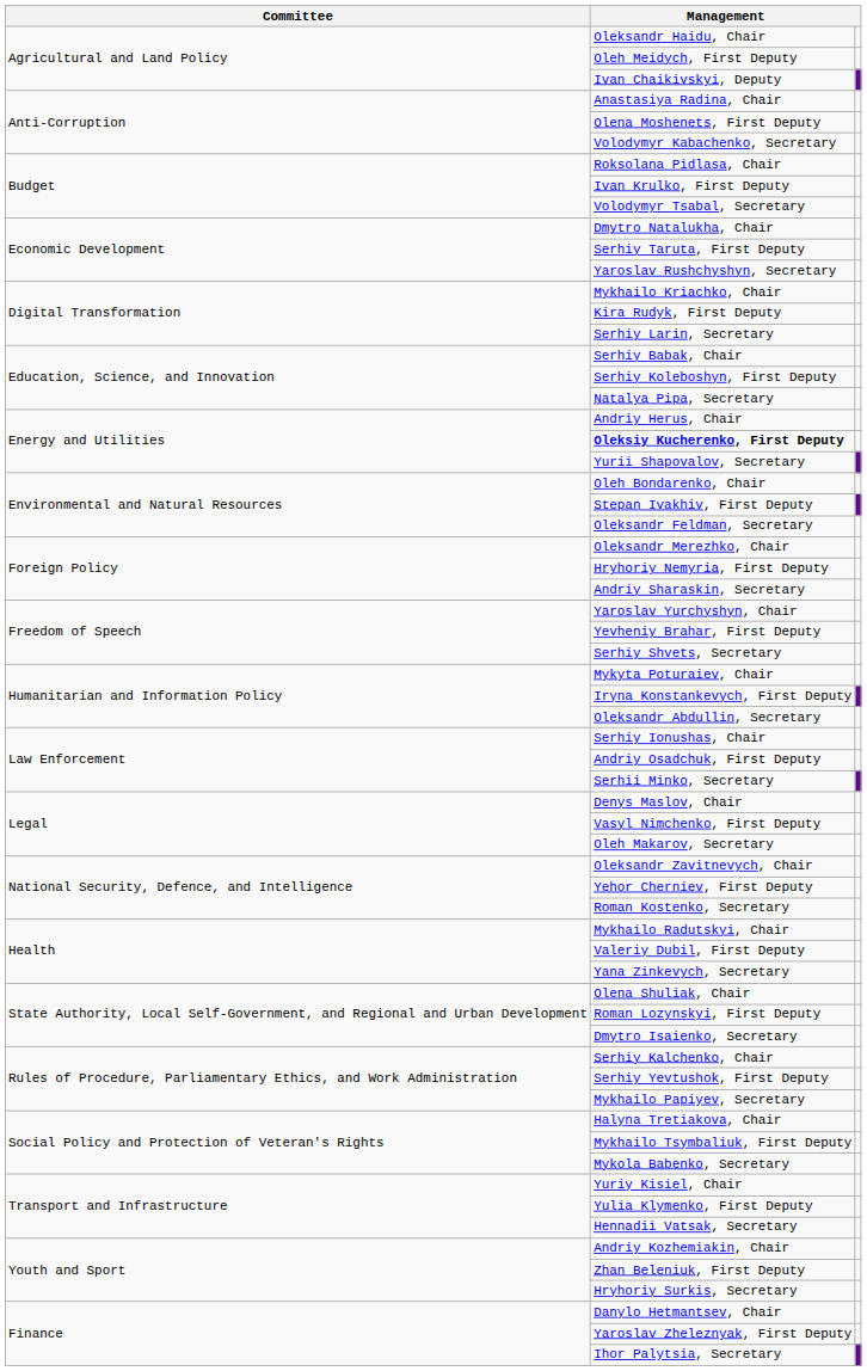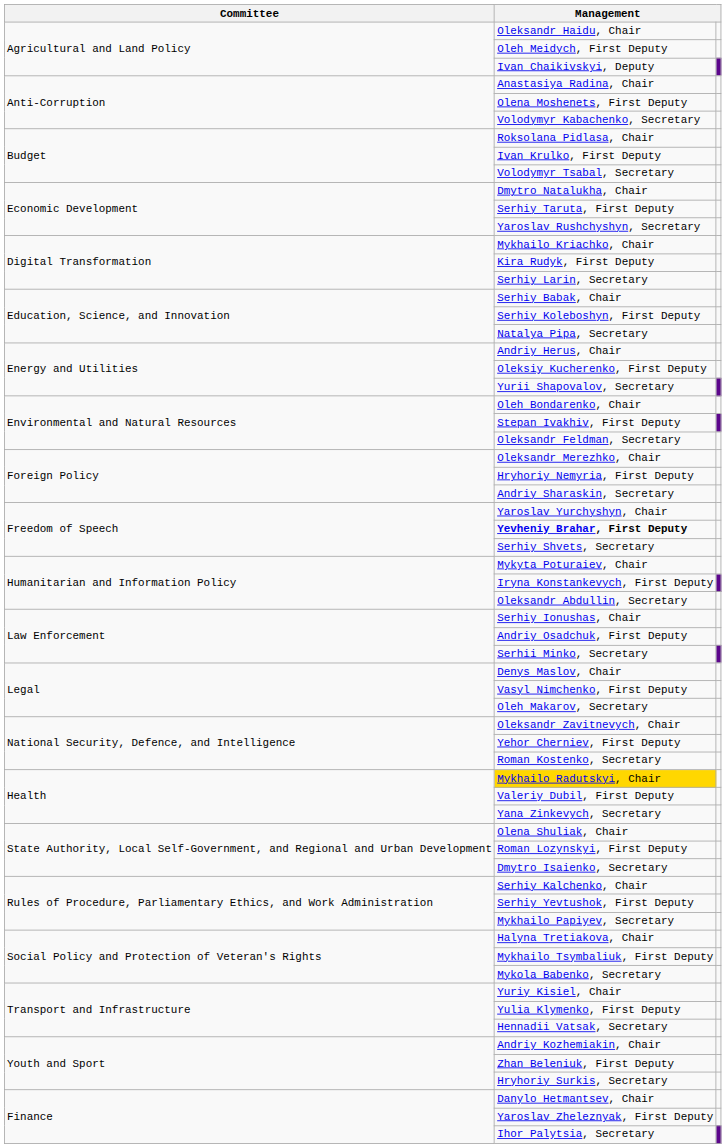 <table class="wikitable">
 <tr>
 <th class="sortable">Committee</th>
 <th colspan="2">Management</th>
 </tr>
 <tr>
 <td rowspan="3">Agricultural and Land Policy</td>
 <td><a href='#'>Oleksandr Haidu</a>, Chair</td>
 <td style="background-color:"></td>
 </tr>
 <tr>
 <td><a href='#'>Oleh Meidych</a>, First Deputy</td>
 <td style="background-color:"></td>
 </tr>
 <tr>
 <td><a href='#'>Ivan Chaikivskyi</a>, Deputy</td>
 <td style="background-color:#5c068c"></td>
 </tr>
 <tr>
 <td rowspan="3">Anti-Corruption</td>
 <td><a href='#'>Anastasiya Radina</a>, Chair</td>
 <td style="background-color:"></td>
 </tr>
 <tr>
 <td><a href='#'>Olena Moshenets</a>, First Deputy</td>
 <td style="background-color:"></td>
 </tr>
 <tr>
 <td><a href='#'>Volodymyr Kabachenko</a>, Secretary</td>
 <td style="background-color:"></td>
 </tr>
 <tr>
 <td rowspan="3">Budget</td>
 <td><a href='#'>Roksolana Pidlasa</a>, Chair</td>
 <td style="background-color:"></td>
 </tr>
 <tr>
 <td><a href='#'>Ivan Krulko</a>, First Deputy</td>
 <td style="background-color:"></td>
 </tr>
 <tr>
 <td><a href='#'>Volodymyr Tsabal</a>, Secretary</td>
 <td style="background-color:"></td>
 </tr>
 <tr>
 <td rowspan="3">Economic Development</td>
 <td><a href='#'>Dmytro Natalukha</a>, Chair</td>
 <td style="background-color:"></td>
 </tr>
 <tr>
 <td><a href='#'>Serhiy Taruta</a>, First Deputy</td>
 <td style="background-color:"></td>
 </tr>
 <tr>
 <td><a href='#'>Yaroslav Rushchyshyn</a>, Secretary</td>
 <td style="background-color:"></td>
 </tr>
 <tr>
 <td rowspan="3">Digital Transformation</td>
 <td><a href='#'>Mykhailo Kriachko</a>, Chair</td>
 <td style="background-color:"></td>
 </tr>
 <tr>
 <td><a href='#'>Kira Rudyk</a>, First Deputy</td>
 <td style="background-color:"></td>
 </tr>
 <tr>
 <td><a href='#'>Serhiy Larin</a>, Secretary</td>
 <td style="background-color:"></td>
 </tr>
 <tr>
 <td rowspan="3">Education, Science, and Innovation</td>
 <td><a href='#'>Serhiy Babak</a>, Chair</td>
 <td style="background-color:"></td>
 </tr>
 <tr>
 <td><a href='#'>Serhiy Koleboshyn</a>, First Deputy</td>
 <td style="background-color:"></td>
 </tr>
 <tr>
 <td><a href='#'>Natalya Pipa</a>, Secretary</td>
 <td style="background-color:"></td>
 </tr>
 <tr>
 <td rowspan="3">Energy and Utilities</td>
 <td><a href='#'>Andriy Herus</a>, Chair</td>
 <td style="background-color:"></td>
 </tr>
 <tr>
-<td><strong><a href='#'>Oleksiy Kucherenko</a>, First Deputy</strong></td>
+<td><a href='#'>Oleksiy Kucherenko</a>, First Deputy</td>
 <td style="background-color:"></td>
 </tr>
 <tr>
 <td><a href='#'>Yurii Shapovalov</a>, Secretary</td>
 <td style="background-color:#5c068c"></td>
 </tr>
 <tr>
 <td rowspan="3">Environmental and Natural Resources</td>
 <td><a href='#'>Oleh Bondarenko</a>, Chair</td>
 <td style="background-color:"></td>
 </tr>
 <tr>
 <td><a href='#'>Stepan Ivakhiv</a>, First Deputy</td>
 <td style="background-color:#5c068c"></td>
 </tr>
 <tr>
 <td><a href='#'>Oleksandr Feldman</a>, Secretary</td>
 <td style="background-color:"></td>
 </tr>
 <tr>
 <td rowspan="3">Foreign Policy</td>
 <td><a href='#'>Oleksandr Merezhko</a>, Chair</td>
 <td style="background-color:"></td>
 </tr>
 <tr>
 <td><a href='#'>Hryhoriy Nemyria</a>, First Deputy</td>
 <td style="background-color:"></td>
 </tr>
 <tr>
 <td><a href='#'>Andriy Sharaskin</a>, Secretary</td>
 <td style="background-color:"></td>
 </tr>
 <tr>
 <td rowspan="3">Freedom of Speech</td>
 <td><a href='#'>Yaroslav Yurchyshyn</a>, Chair</td>
 <td style="background-color:"></td>
 </tr>
 <tr>
-<td><a href='#'>Yevheniy Brahar</a>, First Deputy</td>
+<td><strong><a href='#'>Yevheniy Brahar</a>, First Deputy</strong></td>
 <td style="background-color:"></td>
 </tr>
 <tr>
 <td><a href='#'>Serhiy Shvets</a>, Secretary</td>
 <td style="background-color:"></td>
 </tr>
 <tr>
 <td rowspan="3">Humanitarian and Information Policy</td>
 <td><a href='#'>Mykyta Poturaiev</a>, Chair</td>
 <td style="background-color:"></td>
 </tr>
 <tr>
 <td><a href='#'>Iryna Konstankevych</a>, First Deputy</td>
 <td style="background-color:#5c068c"></td>
 </tr>
 <tr>
 <td><a href='#'>Oleksandr Abdullin</a>, Secretary</td>
 <td style="background-color:"></td>
 </tr>
 <tr>
 <td rowspan="3">Law Enforcement</td>
 <td><a href='#'>Serhiy Ionushas</a>, Chair</td>
 <td style="background-color:"></td>
 </tr>
 <tr>
 <td><a href='#'>Andriy Osadchuk</a>, First Deputy</td>
 <td style="background-color:"></td>
 </tr>
 <tr>
 <td><a href='#'>Serhii Minko</a>, Secretary</td>
 <td style="background-color:#5c068c"></td>
 </tr>
 <tr>
 <td rowspan="3">Legal</td>
 <td><a href='#'>Denys Maslov</a>, Chair</td>
 <td style="background-color:"></td>
 </tr>
 <tr>
 <td><a href='#'>Vasyl Nimchenko</a>, First Deputy</td>
 <td style="background-color:"></td>
 </tr>
 <tr>
 <td><a href='#'>Oleh Makarov</a>, Secretary</td>
 <td style="background-color:"></td>
 </tr>
 <tr>
 <td rowspan="3">National Security, Defence, and Intelligence</td>
 <td><a href='#'>Oleksandr Zavitnevych</a>, Chair</td>
 <td style="background-color:"></td>
 </tr>
 <tr>
 <td><a href='#'>Yehor Cherniev</a>, First Deputy</td>
 <td style="background-color:"></td>
 </tr>
 <tr>
 <td><a href='#'>Roman Kostenko</a>, Secretary</td>
 <td style="background-color:"></td>
 </tr>
 <tr>
 <td rowspan="3">Health</td>
-<td><a href='#'>Mykhailo Radutskyi</a>, Chair</td>
+<td style="background: gold;"><a href='#'>Mykhailo Radutskyi</a>, Chair</td>
 <td style="background-color:"></td>
 </tr>
 <tr>
 <td><a href='#'>Valeriy Dubil</a>, First Deputy</td>
 <td style="background-color:"></td>
 </tr>
 <tr>
 <td><a href='#'>Yana Zinkevych</a>, Secretary</td>
 <td style="background-color:"></td>
 </tr>
 <tr>
 <td rowspan="3">State Authority, Local Self-Government, and Regional and Urban Development</td>
 <td><a href='#'>Olena Shuliak</a>, Chair</td>
 <td style="background-color:"></td>
 </tr>
 <tr>
 <td><a href='#'>Roman Lozynskyi</a>, First Deputy</td>
 <td style="background-color:"></td>
 </tr>
 <tr>
 <td><a href='#'>Dmytro Isaienko</a>, Secretary</td>
 <td style="background-color:"></td>
 </tr>
 <tr>
 <td rowspan="3">Rules of Procedure, Parliamentary Ethics, and Work Administration</td>
 <td><a href='#'>Serhiy Kalchenko</a>, Chair</td>
 <td style="background-color:"></td>
 </tr>
 <tr>
 <td><a href='#'>Serhiy Yevtushok</a>, First Deputy</td>
 <td style="background-color:"></td>
 </tr>
 <tr>
 <td><a href='#'>Mykhailo Papiyev</a>, Secretary</td>
 <td style="background-color:"></td>
 </tr>
 <tr>
 <td rowspan="3">Social Policy and Protection of Veteran's Rights</td>
 <td><a href='#'>Halyna Tretiakova</a>, Chair</td>
 <td style="background-color:"></td>
 </tr>
 <tr>
 <td><a href='#'>Mykhailo Tsymbaliuk</a>, First Deputy</td>
 <td style="background-color:"></td>
 </tr>
 <tr>
 <td><a href='#'>Mykola Babenko</a>, Secretary</td>
 <td style="background-color:"></td>
 </tr>
 <tr>
 <td rowspan="3">Transport and Infrastructure</td>
 <td><a href='#'>Yuriy Kisiel</a>, Chair</td>
 <td style="background-color:"></td>
 </tr>
 <tr>
 <td><a href='#'>Yulia Klymenko</a>, First Deputy</td>
 <td style="background-color:"></td>
 </tr>
 <tr>
 <td><a href='#'>Hennadii Vatsak</a>, Secretary</td>
 <td style="background-color:"></td>
 </tr>
 <tr>
 <td rowspan="3">Youth and Sport</td>
 <td><a href='#'>Andriy Kozhemiakin</a>, Chair</td>
 <td style="background-color:"></td>
 </tr>
 <tr>
 <td><a href='#'>Zhan Beleniuk</a>, First Deputy</td>
 <td style="background-color:"></td>
 </tr>
 <tr>
 <td><a href='#'>Hryhoriy Surkis</a>, Secretary</td>
 <td style="background-color:"></td>
 </tr>
 <tr>
 <td rowspan="3">Finance</td>
 <td><a href='#'>Danylo Hetmantsev</a>, Chair</td>
 <td style="background-color:"></td>
 </tr>
 <tr>
 <td><a href='#'>Yaroslav Zheleznyak</a>, First Deputy</td>
 <td style="background-color:"></td>
 </tr>
 <tr>
 <td><a href='#'>Ihor Palytsia</a>, Secretary</td>
 <td style="background-color:#5c068c"></td>
 </tr>
 </table>
